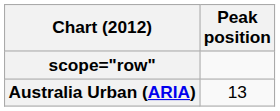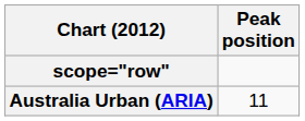 <table class="wikitable sortable plainrowheaders" style="text-align:center;">
 <tr>
 <th scope="col">Chart (2012)</th>
 <th scope="col">Peak<br>position</th>
 </tr>
 <tr>
 <th>scope="row"</th>
 </tr>
 <tr>
 <th scope="row">Australia Urban (<a href='#'>ARIA</a>)</th>
-<td>13</td>
+<td>11</td>
 </tr>
 </table>
